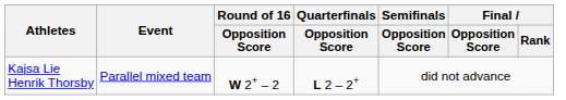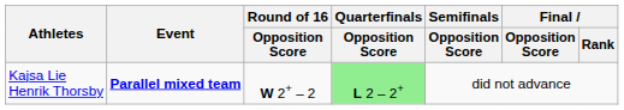 <table class="wikitable" style="font-size:90%">
 <tr>
 <th rowspan="2">Athletes</th>
 <th rowspan="2">Event</th>
 <th>Round of 16</th>
 <th>Quarterfinals</th>
 <th>Semifinals</th>
 <th colspan="2">Final / </th>
 </tr>
 <tr style="font-size:95%">
 <th>Opposition<br>Score</th>
 <th>Opposition<br>Score</th>
 <th>Opposition<br>Score</th>
 <th>Opposition<br>Score</th>
 <th>Rank</th>
 </tr>
 <tr align=center>
 <td align=left><a href='#'>Kajsa Lie</a><br><a href='#'>Henrik Thorsby</a></td>
-<td align=left><a href='#'>Parallel mixed team</a></td>
+<td align=left><strong><a href='#'>Parallel mixed team</a></strong></td>
 <td><br><strong>W</strong> 2<sup>+</sup> – 2</td>
-<td><br><strong>L</strong> 2 – 2<sup>+</sup></td>
+<td style="background: lightgreen;"><br><strong>L</strong> 2 – 2<sup>+</sup></td>
 <td colspan=3>did not advance</td>
 </tr>
 </table>
